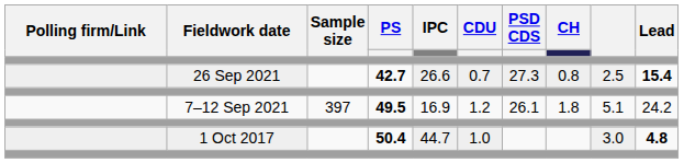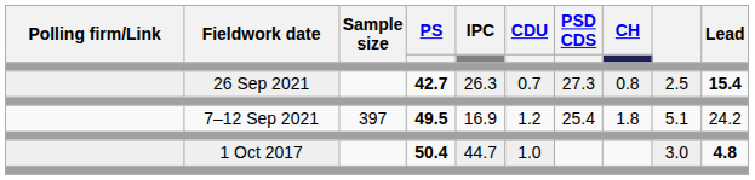 <table class="wikitable sortable mw-datatable" style="text-align:center;font-size:90%;line-height:16px;">
 <tr style="height:42px;">
 <th style="width:145px;" rowspan="2">Polling firm/Link</th>
 <th style="width:125px;" rowspan="2">Fieldwork date</th>
 <th class="unsortable" style="width:50px;" rowspan="2">Sample size</th>
 <th class="unsortable" style="width:35px;"><a href='#'>PS</a></th>
 <th class="unsortable" style="width:35px;">IPC</th>
 <th class="unsortable" style="width:35px;"><a href='#'>CDU</a></th>
 <th class="unsortable" style="width:35px;"><a href='#'>PSD</a><br><a href='#'>CDS</a></th>
 <th class="unsortable" style="width:35px;"><a href='#'>CH</a></th>
 <th class="unsortable" style="width:35px;" rowspan="2"></th>
 <th class="unsortable" style="width:30px;" rowspan="2">Lead</th>
 </tr>
 <tr>
 <th class="unsortable" style="color:inherit;background:"></th>
 <th class="unsortable" style="color:inherit;background:gray;"></th>
 <th class="unsortable" style="color:inherit;background:"></th>
 <th class="unsortable" style="color:inherit;background:"></th>
 <th class="sortable" style="background:#202056;"></th>
 </tr>
 <tr>
 <td colspan="13" style="background:#A0A0A0"></td>
 </tr>
 <tr>
 <td style="background:#EFEFEF;"><strong></strong></td>
 <td style="background:#EFEFEF;" data-sort-value="2019-10-06">26 Sep 2021</td>
 <td></td>
 <td><strong>42.7</strong><br></td>
-<td style="background:#EFEFEF;">26.6<br></td>
+<td style="background:#EFEFEF;">26.3<br></td>
 <td style="background:#EFEFEF;">0.7<br></td>
 <td style="background:#EFEFEF;">27.3<br></td>
 <td style="background:#EFEFEF;">0.8<br></td>
 <td style="background:#EFEFEF;">2.5</td>
 <td style="background:"><strong>15.4</strong></td>
 </tr>
 <tr>
 <td colspan="13" style="background:#A0A0A0"></td>
 </tr>
 <tr>
 <td align="center"></td>
 <td align="center">7–12 Sep 2021</td>
 <td>397</td>
 <td align="center" ><strong>49.5</strong></td>
 <td align="center">16.9</td>
 <td align="center">1.2</td>
-<td align="center">26.1</td>
+<td align="center">25.4</td>
 <td align="center">1.8</td>
 <td align="center">5.1</td>
 <td style="background:">24.2</td>
 </tr>
 <tr>
 <td colspan="13" style="background:#A0A0A0"></td>
 </tr>
 <tr>
 <td style="background:#EFEFEF;"><strong></strong></td>
 <td style="background:#EFEFEF;" data-sort-value="2019-10-06">1 Oct 2017</td>
 <td></td>
 <td><strong>50.4</strong><br></td>
 <td style="background:#EFEFEF;">44.7<br></td>
 <td style="background:#EFEFEF;">1.0<br></td>
 <td></td>
 <td></td>
 <td style="background:#EFEFEF;">3.0</td>
 <td style="background:"><strong>4.8</strong></td>
 </tr>
 <tr>
 <td colspan="13" style="background:#A0A0A0"></td>
 </tr>
 </table>
